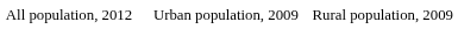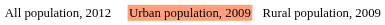 <table class="whitetable" style="text-align:center">
 <tr>
 <td width="32%"></td>
 <td width="1%"></td>
 <td width="32%"></td>
 <td width="1%"></td>
 <td width="32%"></td>
 <td width="1%"></td>
 </tr>
 <tr>
 <td>All population, 2012</td>
 <td></td>
-<td>Urban population, 2009</td>
+<td style="background: lightsalmon;">Urban population, 2009</td>
 <td></td>
 <td>Rural population, 2009</td>
 <td></td>
 </tr>
 </table>
